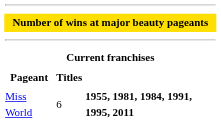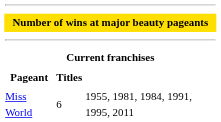 <table class="toccolours" style="width: 20em; float:right; margin-left:1em; font-size:90%; line-height:1.5em; width:32%;">
 <tr>
 <td colspan="3"><hr></td>
 </tr>
 <tr>
 <th colspan="3" style="text-align:center; background:#FFDF00;">Number of wins at major beauty pageants</th>
 </tr>
 <tr>
 <td colspan="3"><hr></td>
 </tr>
 <tr>
 <th colspan="3" style="text-align:center;">Current franchises</th>
 </tr>
 <tr>
 <th scope="col">Pageant</th>
 <th>Titles</th>
 <th></th>
 </tr>
 <tr>
 <td><a href='#'>Miss World</a></td>
 <td>6</td>
-<td><strong>1955, 1981, 1984, 1991, 1995, 2011</strong></td>
+<td>1955, 1981, 1984, 1991, 1995, 2011</td>
 </tr>
 <tr>
 </tr>
 </table>
